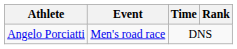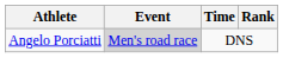 <table class="wikitable" style="font-size:90%">
 <tr>
 <th>Athlete</th>
 <th>Event</th>
 <th>Time</th>
 <th>Rank</th>
 </tr>
 <tr>
 <td><a href='#'>Angelo Porciatti</a></td>
-<td><a href='#'>Men's road race</a></td>
+<td style="background: lightgrey;"><a href='#'>Men's road race</a></td>
 <td colspan="2" align="center">DNS</td>
 </tr>
 </table>
